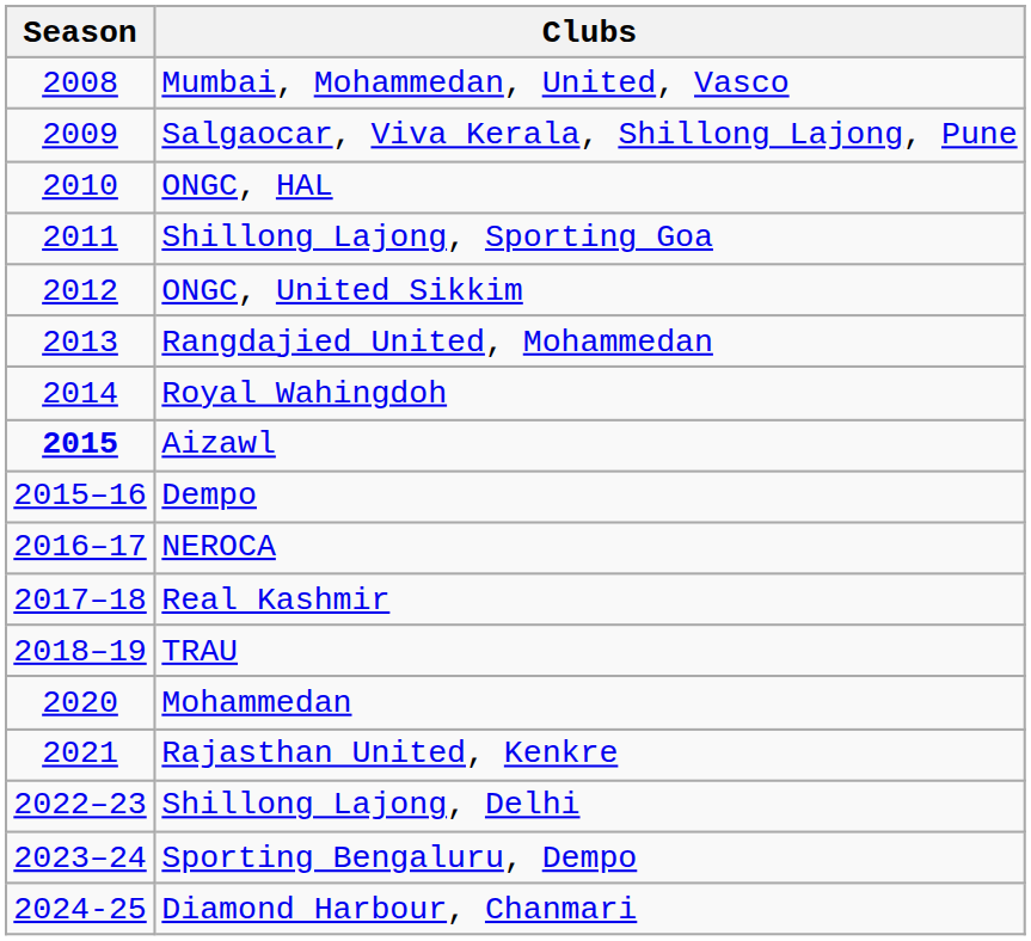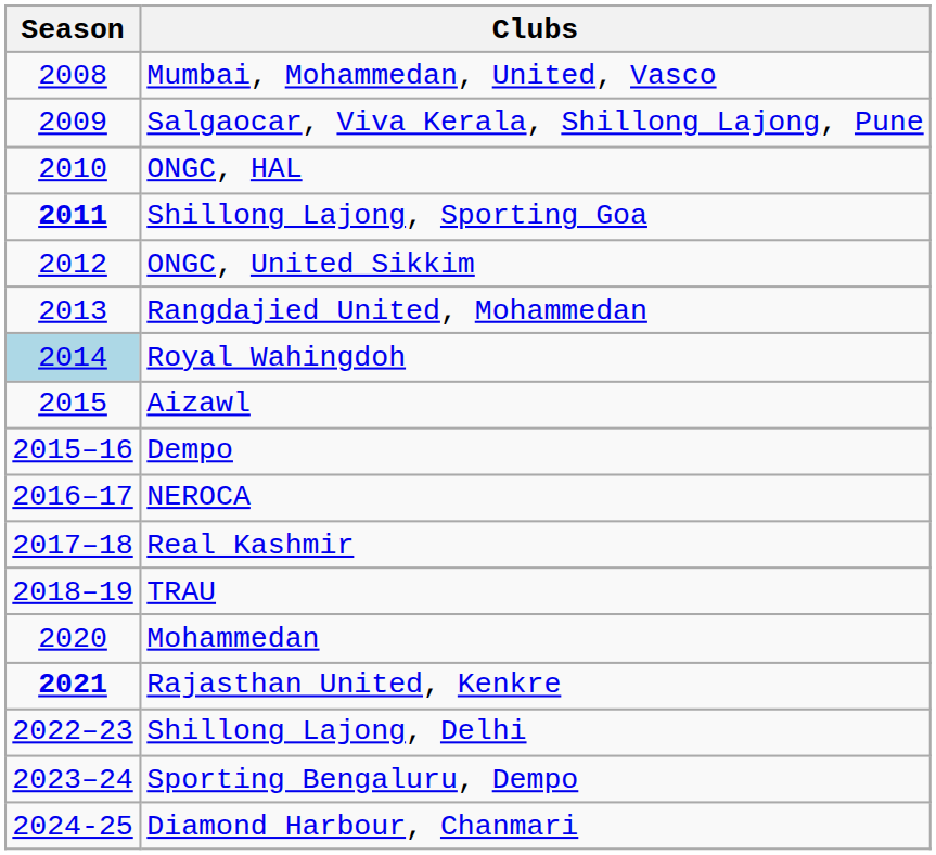 <table class="wikitable" style="text-align:left;">
 <tr>
 <th>Season</th>
 <th>Clubs</th>
 </tr>
 <tr>
 <td align="center"><a href='#'>2008</a></td>
 <td><a href='#'>Mumbai</a>, <a href='#'>Mohammedan</a>, <a href='#'>United</a>, <a href='#'>Vasco</a></td>
 </tr>
 <tr>
 <td align="center"><a href='#'>2009</a></td>
 <td><a href='#'>Salgaocar</a>, <a href='#'>Viva Kerala</a>, <a href='#'>Shillong Lajong</a>, <a href='#'>Pune</a></td>
 </tr>
 <tr>
 <td align="center"><a href='#'>2010</a></td>
 <td><a href='#'>ONGC</a>, <a href='#'>HAL</a></td>
 </tr>
 <tr>
-<td align="center"><a href='#'>2011</a></td>
+<td align="center"><strong><a href='#'>2011</a></strong></td>
 <td><a href='#'>Shillong Lajong</a>, <a href='#'>Sporting Goa</a></td>
 </tr>
 <tr>
 <td align="center"><a href='#'>2012</a></td>
 <td><a href='#'>ONGC</a>, <a href='#'>United Sikkim</a></td>
 </tr>
 <tr>
 <td align="center"><a href='#'>2013</a></td>
 <td><a href='#'>Rangdajied United</a>, <a href='#'>Mohammedan</a></td>
 </tr>
 <tr>
-<td align="center"><a href='#'>2014</a></td>
+<td align="center" style="background: lightblue;"><a href='#'>2014</a></td>
 <td><a href='#'>Royal Wahingdoh</a></td>
 </tr>
 <tr>
-<td align="center"><strong><a href='#'>2015</a></strong></td>
+<td align="center"><a href='#'>2015</a></td>
 <td><a href='#'>Aizawl</a></td>
 </tr>
 <tr>
 <td align="center"><a href='#'>2015–16</a></td>
 <td><a href='#'>Dempo</a></td>
 </tr>
 <tr>
 <td align="center"><a href='#'>2016–17</a></td>
 <td><a href='#'>NEROCA</a></td>
 </tr>
 <tr>
 <td align="center"><a href='#'>2017–18</a></td>
 <td><a href='#'>Real Kashmir</a></td>
 </tr>
 <tr>
 <td align="center"><a href='#'>2018–19</a></td>
 <td><a href='#'>TRAU</a></td>
 </tr>
 <tr>
 <td align="center"><a href='#'>2020</a></td>
 <td><a href='#'>Mohammedan</a></td>
 </tr>
 <tr>
-<td align="center"><a href='#'>2021</a></td>
+<td align="center"><strong><a href='#'>2021</a></strong></td>
 <td><a href='#'>Rajasthan United</a>, <a href='#'>Kenkre</a></td>
 </tr>
 <tr>
 <td align="center"><a href='#'>2022–23</a></td>
 <td><a href='#'>Shillong Lajong</a>, <a href='#'>Delhi</a></td>
 </tr>
 <tr>
 <td align="center"><a href='#'>2023–24</a></td>
 <td><a href='#'>Sporting Bengaluru</a>, <a href='#'>Dempo</a></td>
 </tr>
 <tr>
 <td align="center"><a href='#'>2024-25</a></td>
 <td><a href='#'>Diamond Harbour</a>, <a href='#'>Chanmari</a></td>
 </tr>
 </table>
